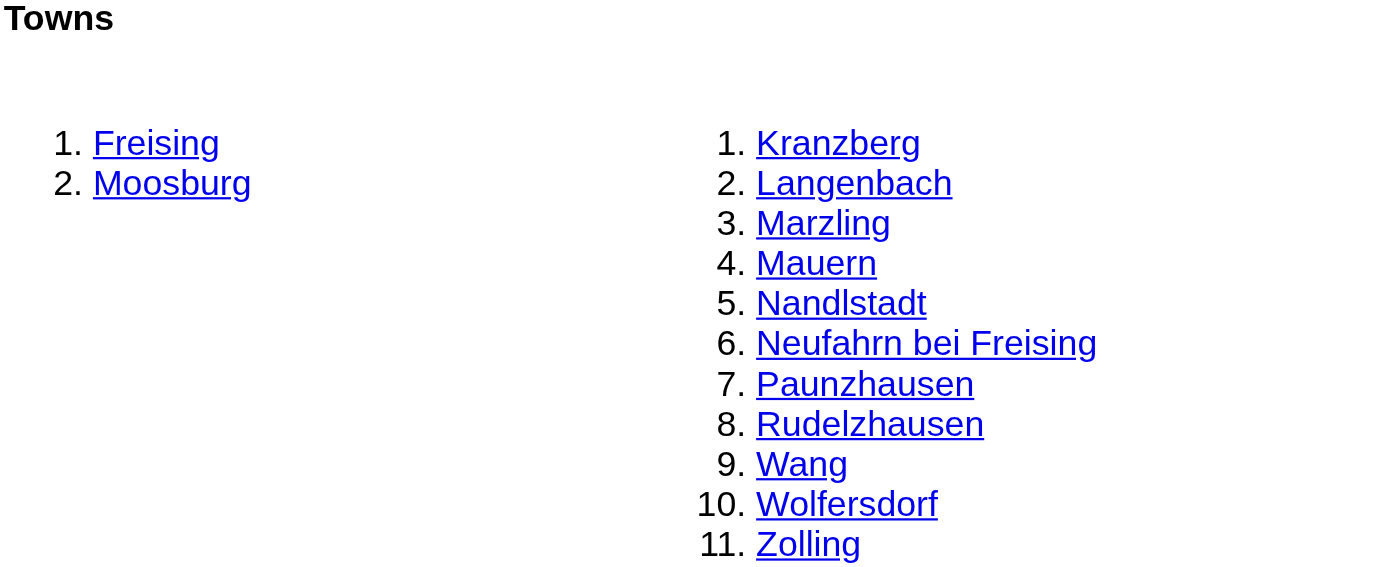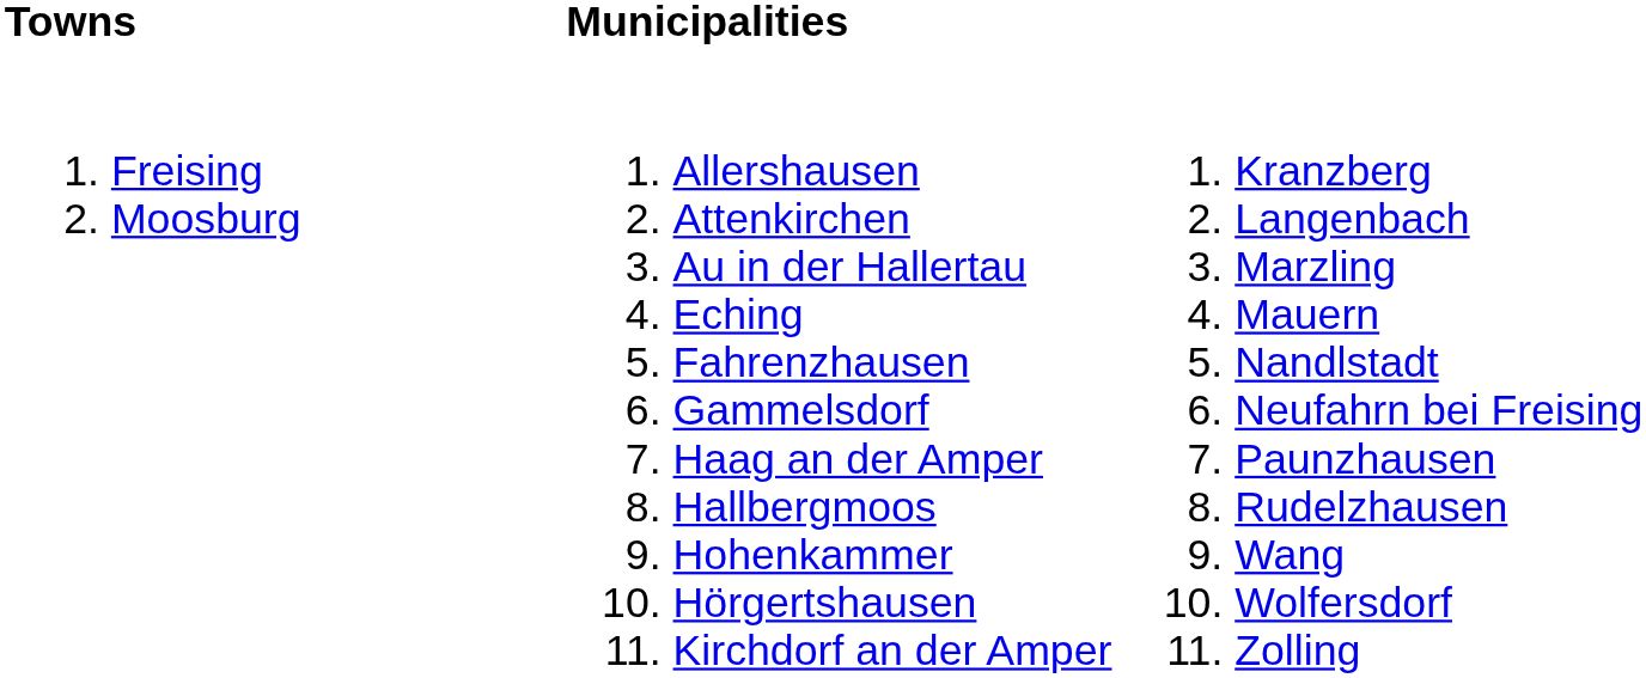 <table>
 <tr>
 <th align=left width=33%>Towns</th>
+<th align=left width=33%>Municipalities</th>
 <th align=left width=33%></th>
 </tr>
 <tr valign=top>
 <td><br><ol><li><a href='#'>Freising</a></li><li><a href='#'>Moosburg</a></li></ol></td>
+<td><br><ol><li><a href='#'>Allershausen</a></li><li><a href='#'>Attenkirchen</a></li><li><a href='#'>Au in der Hallertau</a></li><li><a href='#'>Eching</a></li><li><a href='#'>Fahrenzhausen</a></li><li><a href='#'>Gammelsdorf</a></li><li><a href='#'>Haag an der Amper</a></li><li><a href='#'>Hallbergmoos</a></li><li><a href='#'>Hohenkammer</a></li><li><a href='#'>Hörgertshausen</a></li><li><a href='#'>Kirchdorf an der Amper</a></li></ol></td>
 <td><br><ol> <li> <a href='#'>Kranzberg</a> <li> <a href='#'>Langenbach</a> <li> <a href='#'>Marzling</a> <li> <a href='#'>Mauern</a> <li> <a href='#'>Nandlstadt</a> <li> <a href='#'>Neufahrn bei Freising</a> <li> <a href='#'>Paunzhausen</a> <li> <a href='#'>Rudelzhausen</a> <li> <a href='#'>Wang</a> <li> <a href='#'>Wolfersdorf</a> <li> <a href='#'>Zolling</a> </ol></td>
 </tr>
 </table>
